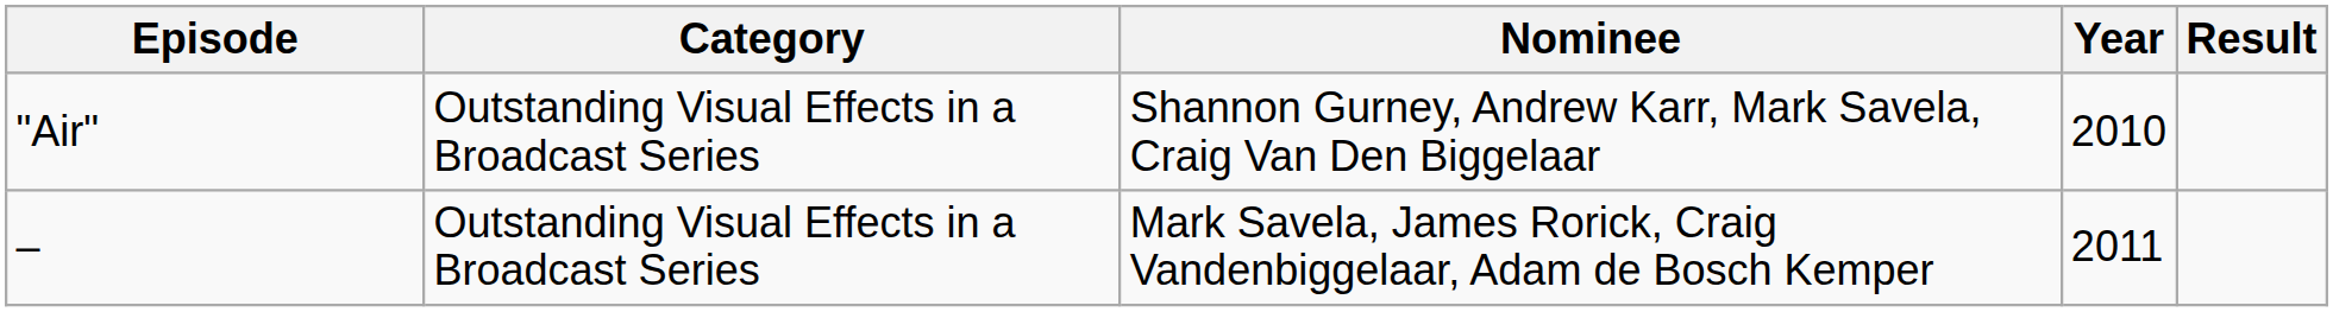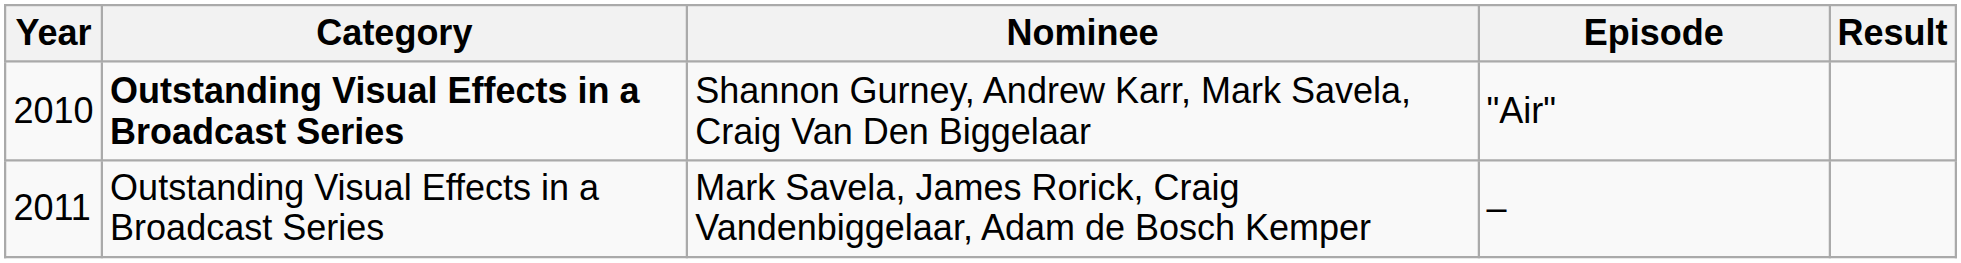 <table class="wikitable">
 <tr>
-<th width="18%">Episode</th>
+<th width="3.5%">Year</th>
 <th width="30%">Category</th>
 <th>Nominee</th>
-<th width="3.5%">Year</th>
+<th width="18%">Episode</th>
 <th width="3.5%">Result</th>
 </tr>
 <tr>
+<td>2010</td>
+<td><strong>Outstanding Visual Effects in a Broadcast Series</strong></td>
+<td>Shannon Gurney, Andrew Karr, Mark Savela, Craig Van Den Biggelaar</td>
 <td>"Air"</td>
-<td>Outstanding Visual Effects in a Broadcast Series</td>
-<td>Shannon Gurney, Andrew Karr, Mark Savela, Craig Van Den Biggelaar</td>
-<td>2010</td>
 <td></td>
 </tr>
 <tr>
-<td>–</td>
+<td>2011</td>
 <td>Outstanding Visual Effects in a Broadcast Series</td>
 <td>Mark Savela, James Rorick, Craig Vandenbiggelaar, Adam de Bosch Kemper</td>
-<td>2011</td>
+<td>–</td>
 <td></td>
 </tr>
 </table>
